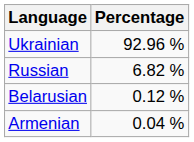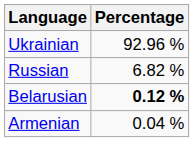 <table class="wikitable">
 <tr>
 <th>Language</th>
 <th>Percentage</th>
 </tr>
 <tr>
 <td><a href='#'>Ukrainian</a></td>
 <td align="right">92.96 %</td>
 </tr>
 <tr>
 <td><a href='#'>Russian</a></td>
 <td align="right">6.82 %</td>
 </tr>
 <tr>
 <td><a href='#'>Belarusian</a></td>
-<td align="right">0.12 %</td>
+<td align="right"><strong>0.12 %</strong></td>
 </tr>
 <tr>
 <td><a href='#'>Armenian</a></td>
 <td align="right">0.04 %</td>
 </tr>
 </table>
